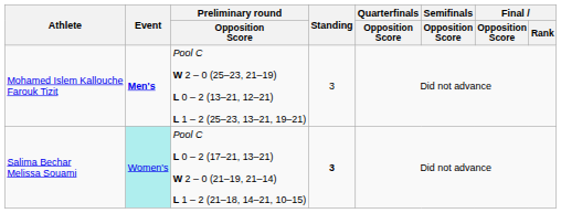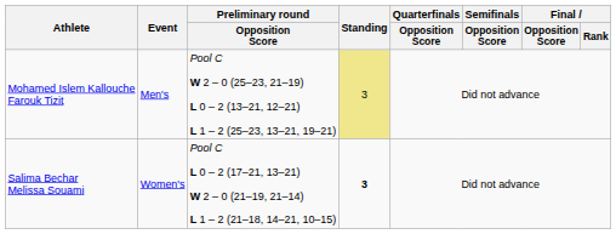 <table class=wikitable style="font-size:90%">
 <tr>
 <th rowspan="2">Athlete</th>
 <th rowspan="2">Event</th>
 <th>Preliminary round</th>
 <th rowspan="2">Standing</th>
 <th>Quarterfinals</th>
 <th>Semifinals</th>
 <th colspan=2>Final / </th>
 </tr>
 <tr style="font-size:95%">
 <th>Opposition<br>Score</th>
 <th>Opposition<br>Score</th>
 <th>Opposition<br>Score</th>
 <th>Opposition<br>Score</th>
 <th>Rank</th>
 </tr>
 <tr align=center>
 <td align=left><a href='#'>Mohamed Islem Kallouche</a><br><a href='#'>Farouk Tizit</a></td>
-<td align=left><strong><a href='#'>Men's</a></strong></td>
+<td align=left><a href='#'>Men's</a></td>
 <td align=left><em>Pool C</em><br><br><strong>W</strong> 2 – 0 (25–23, 21–19)<br><br><strong>L</strong> 0 – 2 (13–21, 12–21)<br><br><strong>L</strong> 1 – 2 (25–23, 13–21, 19–21)<br></td>
-<td>3</td>
+<td style="background: khaki;">3</td>
 <td colspan=4>Did not advance</td>
 </tr>
 <tr align=center>
 <td align=left><a href='#'>Salima Bechar</a><br><a href='#'>Melissa Souami</a></td>
-<td align=left style="background: paleturquoise;"><a href='#'>Women's</a></td>
+<td align=left><a href='#'>Women's</a></td>
 <td align=left><em>Pool C</em><br><br><strong>L</strong> 0 – 2 (17–21, 13–21)<br><br><strong>W</strong> 2 – 0 (21–19, 21–14)<br><br><strong>L</strong> 1 – 2 (21–18, 14–21, 10–15)<br></td>
 <td><strong>3</strong></td>
 <td colspan=4>Did not advance</td>
 </tr>
 </table>
